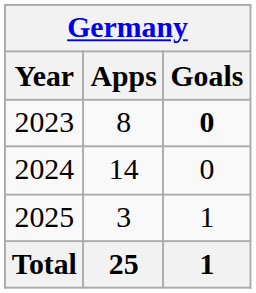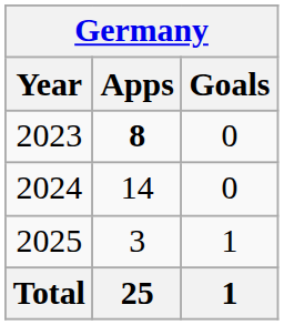 <table class="wikitable" style="text-align:center">
 <tr>
 <th colspan=3><a href='#'>Germany</a></th>
 </tr>
 <tr>
 <th>Year</th>
 <th>Apps</th>
 <th>Goals</th>
 </tr>
 <tr>
 <td>2023</td>
-<td>8</td>
-<td><strong>0</strong></td>
+<td><strong>8</strong></td>
+<td>0</td>
 </tr>
 <tr>
 <td>2024</td>
 <td>14</td>
 <td>0</td>
 </tr>
 <tr>
 <td>2025</td>
 <td>3</td>
 <td>1</td>
 </tr>
 <tr>
 <th>Total</th>
 <th>25</th>
 <th>1</th>
 </tr>
 </table>
